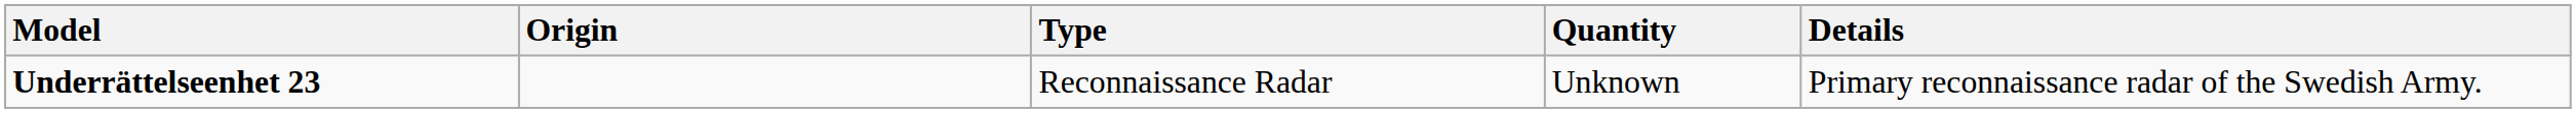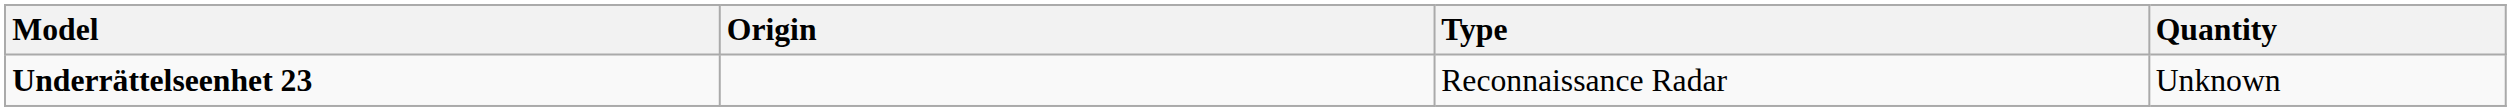 <table class="wikitable" style="width:100%;">
 <tr>
 <th style="text-align:left;width:20%;">Model</th>
 <th style="text-align:left;width:20%;">Origin</th>
 <th style="text-align:left;width:20%;">Type</th>
 <th style="text-align:left;width:10%;">Quantity</th>
-<th style="text-align:left;width:30%;">Details</th>
 </tr>
 <tr>
 <td><strong>Underrättelse­enhet 23</strong></td>
 <td></td>
 <td>Reconnaissance Radar</td>
 <td>Unknown</td>
-<td>Primary reconnaissance radar of the Swedish Army.</td>
 </tr>
 </table>
